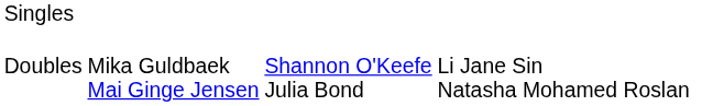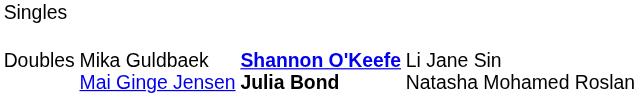 <table>
 <tr>
 <td>Singles<br></td>
 <td></td>
 <td></td>
 <td></td>
 </tr>
 <tr>
 <td>Doubles<br></td>
 <td> <br> Mika Guldbaek <br> <a href='#'>Mai Ginge Jensen</a></td>
-<td> <br> <a href='#'>Shannon O'Keefe</a> <br> Julia Bond</td>
+<td><strong> <br> <a href='#'>Shannon O'Keefe</a> <br> Julia Bond</strong></td>
 <td> <br> Li Jane Sin <br> Natasha Mohamed Roslan</td>
 </tr>
 </table>
